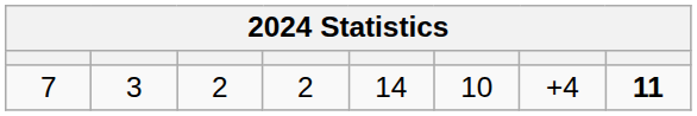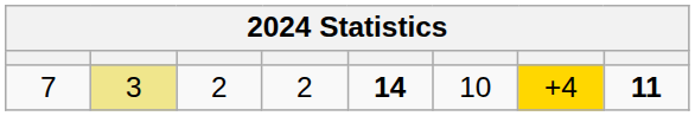 <table class="wikitable" style="text-align: center;">
 <tr>
 <th colspan=10><strong>2024 Statistics</strong></th>
 </tr>
 <tr>
 <th style="width: 40px;"></th>
 <th style="width: 40px;"></th>
 <th style="width: 40px;"></th>
 <th style="width: 40px;"></th>
 <th style="width: 40px;"></th>
 <th style="width: 40px;"></th>
 <th style="width: 40px;"></th>
 <th style="width: 40px;"></th>
 </tr>
 <tr>
 <td>7</td>
-<td>3</td>
+<td style="background: khaki;">3</td>
 <td>2</td>
 <td>2</td>
-<td>14</td>
+<td><strong>14</strong></td>
 <td>10</td>
-<td>+4</td>
+<td style="background: gold;">+4</td>
 <td><strong>11</strong></td>
 </tr>
 </table>
